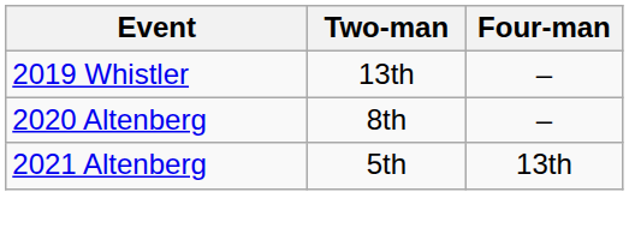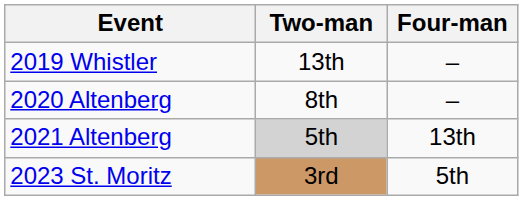 <table class="wikitable" style="text-align:center">
 <tr>
 <th style="width:160px">Event</th>
 <th style="width:80px">Two-man</th>
 <th style="width:80px">Four-man</th>
 </tr>
 <tr>
 <td style="text-align:left"> <a href='#'>2019 Whistler</a></td>
 <td>13th</td>
 <td>–</td>
 </tr>
 <tr>
 <td style="text-align:left"> <a href='#'>2020 Altenberg</a></td>
 <td>8th</td>
 <td>–</td>
 </tr>
 <tr>
 <td style="text-align:left"> <a href='#'>2021 Altenberg</a></td>
-<td>5th</td>
+<td style="background: lightgrey;">5th</td>
 <td>13th</td>
 </tr>
+<tr>
+<td style="text-align:left"> <a href='#'>2023 St. Moritz</a></td>
+<td style="background:#CC9966">3rd</td>
+<td>5th</td>
+</tr>
 </table>
